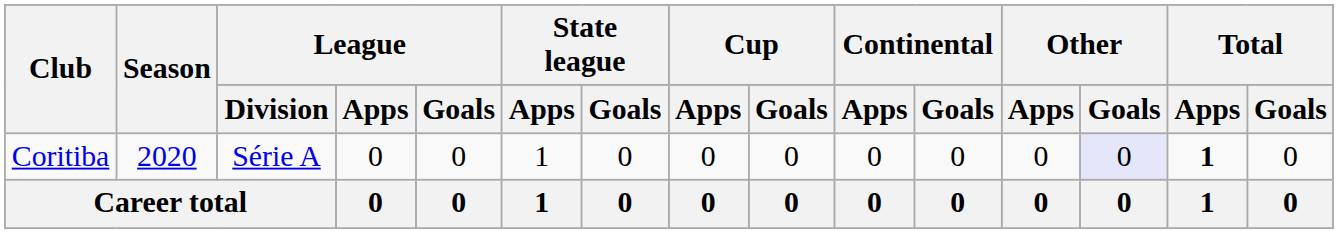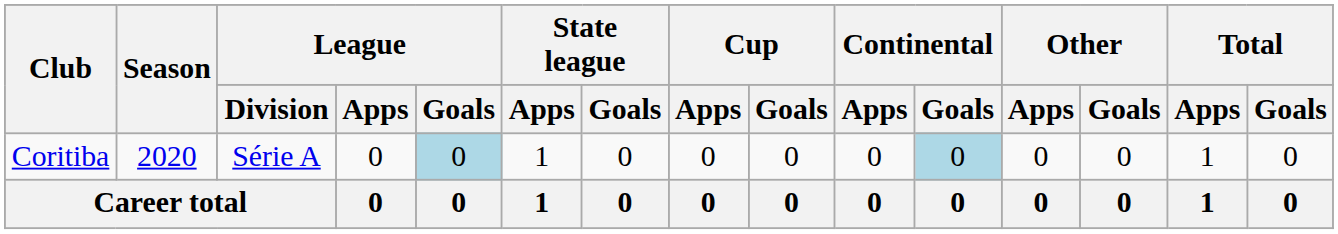 <table class="wikitable" style="text-align: center">
 <tr>
 <th rowspan="2">Club</th>
 <th rowspan="2">Season</th>
 <th colspan="3">League</th>
 <th colspan="2">State league</th>
 <th colspan="2">Cup</th>
 <th colspan="2">Continental</th>
 <th colspan="2">Other</th>
 <th colspan="2">Total</th>
 </tr>
 <tr>
 <th>Division</th>
 <th>Apps</th>
 <th>Goals</th>
 <th>Apps</th>
 <th>Goals</th>
 <th>Apps</th>
 <th>Goals</th>
 <th>Apps</th>
 <th>Goals</th>
 <th>Apps</th>
 <th>Goals</th>
 <th>Apps</th>
 <th>Goals</th>
 </tr>
 <tr>
 <td><a href='#'>Coritiba</a></td>
 <td><a href='#'>2020</a></td>
 <td><a href='#'>Série A</a></td>
 <td>0</td>
-<td>0</td>
+<td style="background: lightblue;">0</td>
 <td>1</td>
 <td>0</td>
 <td>0</td>
 <td>0</td>
 <td>0</td>
+<td style="background: lightblue;">0</td>
 <td>0</td>
 <td>0</td>
-<td style="background: lavender;">0</td>
-<td><strong>1</strong></td>
+<td>1</td>
 <td>0</td>
 </tr>
 <tr>
 <th colspan="3"><strong>Career total</strong></th>
 <th>0</th>
 <th>0</th>
 <th>1</th>
 <th>0</th>
 <th>0</th>
 <th>0</th>
 <th>0</th>
 <th>0</th>
 <th>0</th>
 <th>0</th>
 <th>1</th>
 <th>0</th>
 </tr>
 </table>
